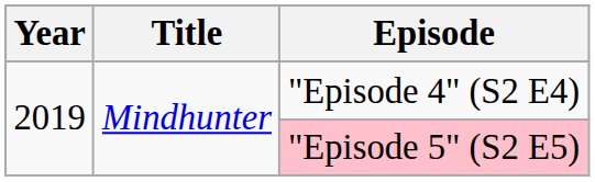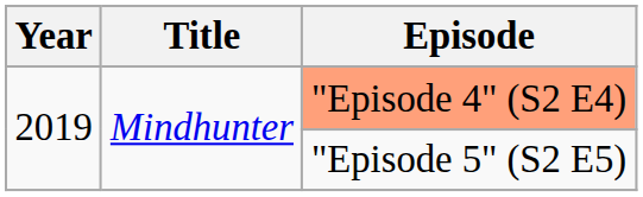 <table class="wikitable">
 <tr>
 <th>Year</th>
 <th>Title</th>
 <th>Episode</th>
 </tr>
 <tr>
 <td rowspan="2">2019</td>
 <td rowspan="2"><em><a href='#'>Mindhunter</a></em></td>
-<td>"Episode 4" (S2 E4)</td>
+<td style="background: lightsalmon;">"Episode 4" (S2 E4)</td>
 </tr>
 <tr>
-<td style="background: pink;">"Episode 5" (S2 E5)</td>
+<td>"Episode 5" (S2 E5)</td>
 </tr>
 </table>
